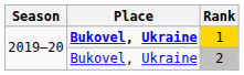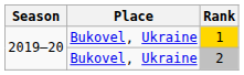 <table class="wikitable sortable" style="text-align:center;">
 <tr>
 <th>Season</th>
 <th>Place</th>
 <th>Rank</th>
 </tr>
 <tr>
 <td rowspan="2">2019–20</td>
-<td style="text-align:left;"><strong> <a href='#'>Bukovel</a>, <a href='#'>Ukraine</a></strong></td>
+<td style="text-align:left;"> <a href='#'>Bukovel</a>, <a href='#'>Ukraine</a></td>
 <td bgcolor=gold>1</td>
 </tr>
 <tr>
 <td style="text-align:left;"> <a href='#'>Bukovel</a>, <a href='#'>Ukraine</a></td>
 <td bgcolor=silver>2</td>
 </tr>
 </table>
